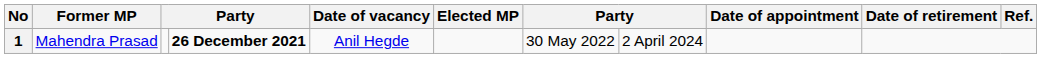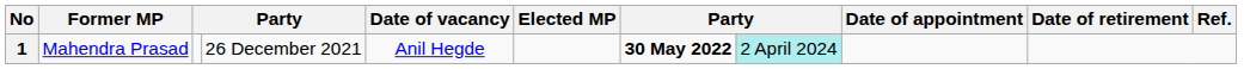 <table class="wikitable">
 <tr>
 <th>No</th>
 <th>Former MP</th>
 <th colspan="2">Party</th>
 <th>Date of vacancy</th>
 <th>Elected MP</th>
 <th colspan="2">Party</th>
 <th><strong>Date of appointment</strong></th>
 <th>Date of retirement</th>
 <th>Ref.</th>
 </tr>
 <tr style="text-align:center;">
 <th>1</th>
 <td><a href='#'>Mahendra Prasad</a></td>
 <td></td>
-<td><strong>26 December 2021</strong></td>
+<td>26 December 2021</td>
 <td><a href='#'>Anil Hegde</a></td>
 <td></td>
-<td>30 May 2022</td>
-<td>2 April 2024</td>
+<td><strong>30 May 2022</strong></td>
+<td style="background: paleturquoise;">2 April 2024</td>
 <td></td>
 </tr>
 </table>
